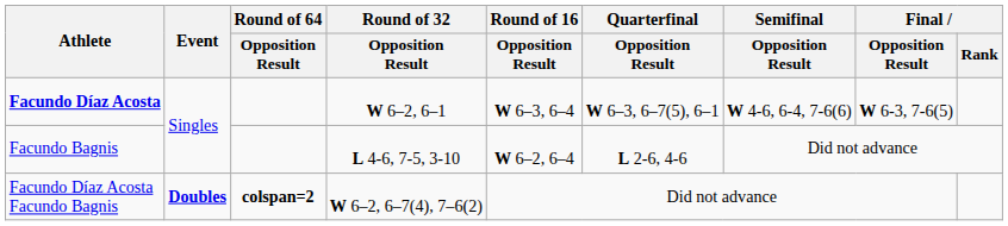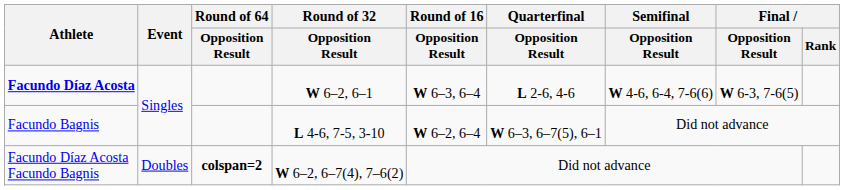 <table class=wikitable style=font-size:90%;text-align:center>
 <tr>
 <th rowspan=2>Athlete</th>
 <th rowspan=2>Event</th>
 <th>Round of 64</th>
 <th>Round of 32</th>
 <th>Round of 16</th>
 <th>Quarterfinal</th>
 <th>Semifinal</th>
 <th colspan=2>Final / </th>
 </tr>
 <tr style=font-size:95%>
 <th>Opposition<br>Result</th>
 <th>Opposition<br>Result</th>
 <th>Opposition<br>Result</th>
 <th>Opposition<br>Result</th>
 <th>Opposition<br>Result</th>
 <th>Opposition<br>Result</th>
 <th>Rank</th>
 </tr>
 <tr>
 <td align=left><strong><a href='#'>Facundo Díaz Acosta</a></strong></td>
 <td align=left rowspan=2><a href='#'>Singles</a></td>
 <td></td>
 <td><br><strong>W</strong> 6–2, 6–1</td>
 <td><br><strong>W</strong> 6–3, 6–4</td>
-<td><br><strong>W</strong> 6–3, 6–7(5), 6–1</td>
+<td><br><strong>L</strong> 2-6, 4-6</td>
 <td><br><strong>W</strong> 4-6, 6-4, 7-6(6)</td>
 <td><br><strong>W</strong> 6-3, 7-6(5)</td>
 <td></td>
 </tr>
 <tr>
 <td align=left><a href='#'>Facundo Bagnis</a></td>
 <td></td>
 <td align=center><br><strong>L</strong> 4-6, 7-5, 3-10</td>
 <td><br><strong>W</strong> 6–2, 6–4</td>
-<td><br><strong>L</strong> 2-6, 4-6</td>
+<td><br><strong>W</strong> 6–3, 6–7(5), 6–1</td>
 <td align=center colspan=3>Did not advance</td>
 </tr>
 <tr>
 <td align=left><a href='#'>Facundo Díaz Acosta</a><br><a href='#'>Facundo Bagnis</a></td>
-<td align=left><strong><a href='#'>Doubles</a></strong></td>
+<td align=left><a href='#'>Doubles</a></td>
 <td><strong>colspan=2 </strong></td>
 <td> <br><strong>W</strong> 6–2, 6–7(4), 7–6(2)</td>
 <td align=center colspan=4>Did not advance</td>
 </tr>
 </table>
